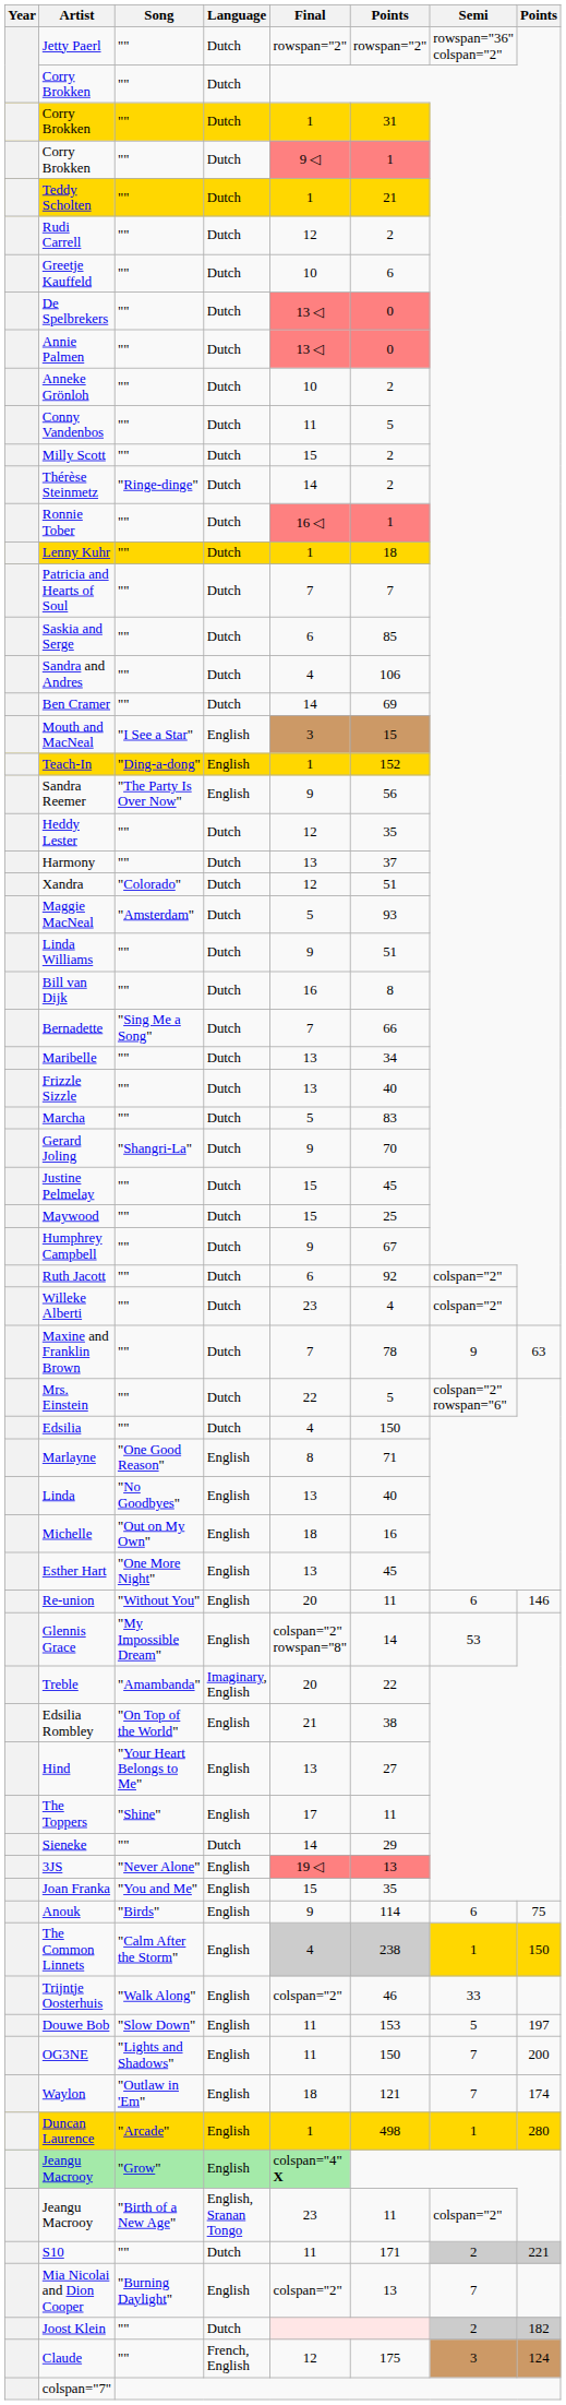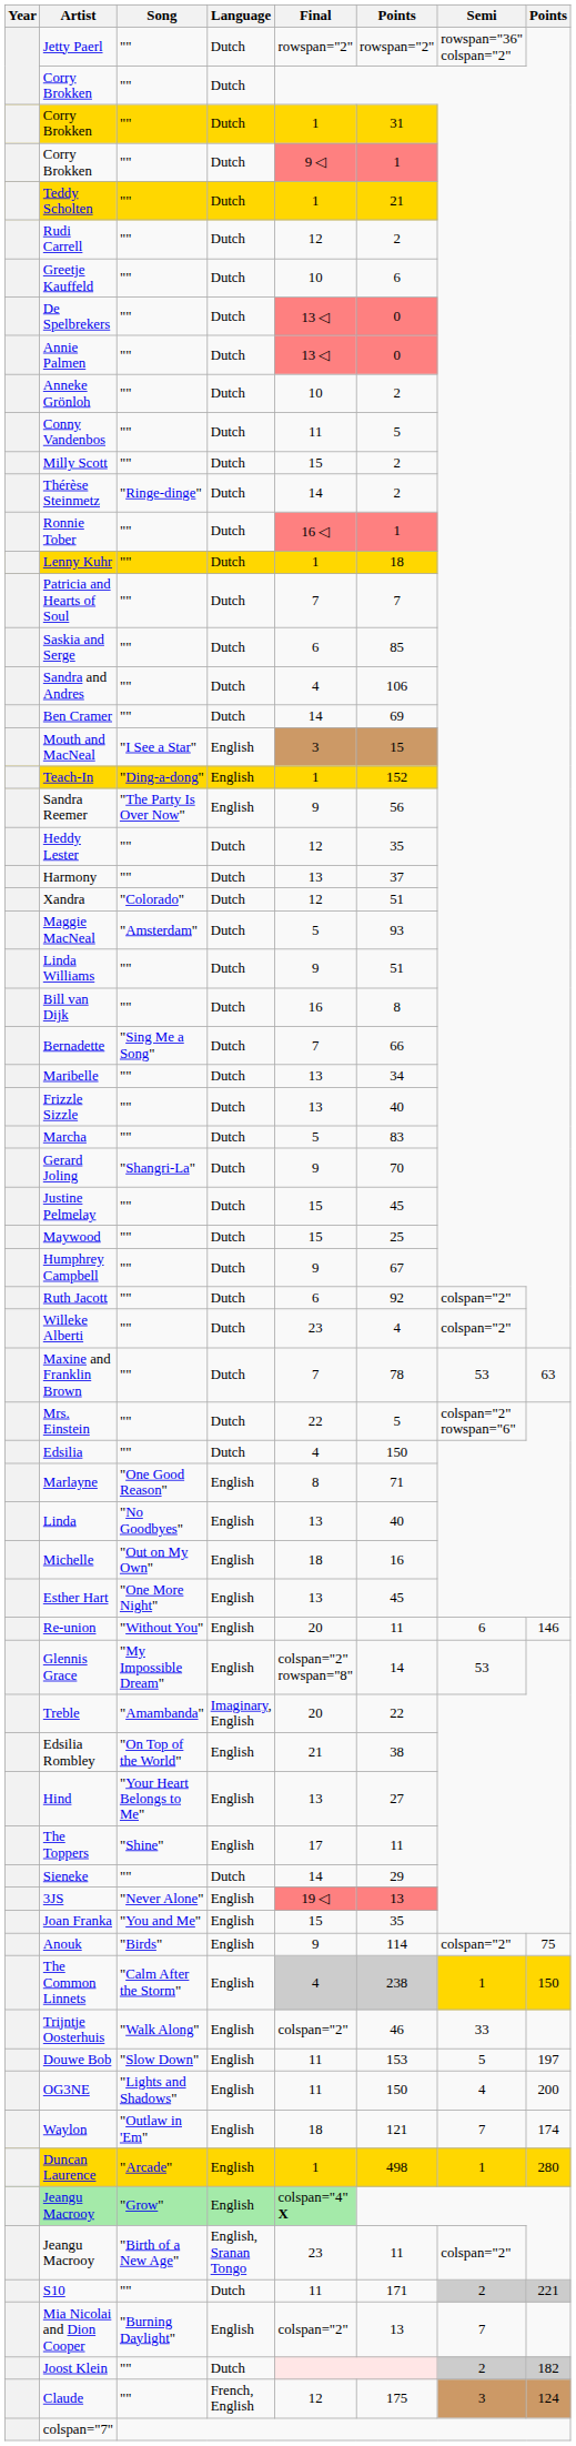 <table class="wikitable sortable plainrowheaders">
 <tr>
 <th scope="col">Year</th>
 <th scope="col">Artist</th>
 <th scope="col">Song</th>
 <th scope="col">Language</th>
 <th scope="col" data-sort-type="number">Final</th>
 <th scope="col" data-sort-type="number">Points</th>
 <th scope="col" data-sort-type="number">Semi</th>
 <th scope="col" data-sort-type="number">Points</th>
 </tr>
 <tr>
 <th scope="row" rowspan="2" style="text-align:center;"></th>
 <td><a href='#'>Jetty Paerl</a></td>
 <td>""</td>
 <td>Dutch</td>
 <td>rowspan="2" </td>
 <td>rowspan="2" </td>
 <td>rowspan="36" colspan="2" </td>
 </tr>
 <tr>
 <td><a href='#'>Corry Brokken</a></td>
 <td>""</td>
 <td>Dutch</td>
 </tr>
 <tr style="background-color:#FFD700;">
 <th scope="row" style="text-align:center;"></th>
 <td>Corry Brokken</td>
 <td>""</td>
 <td>Dutch</td>
 <td style="text-align:center;">1</td>
 <td style="text-align:center;">31</td>
 </tr>
 <tr>
 <th scope="row" style="text-align:center;"></th>
 <td>Corry Brokken</td>
 <td>""</td>
 <td>Dutch</td>
 <td style="text-align:center; background-color:#FE8080;">9 ◁</td>
 <td style="text-align:center; background-color:#FE8080;">1</td>
 </tr>
 <tr style="background-color:#FFD700;">
 <th scope="row" style="text-align:center;"></th>
 <td><a href='#'>Teddy Scholten</a></td>
 <td>""</td>
 <td>Dutch</td>
 <td style="text-align:center;">1</td>
 <td style="text-align:center;">21</td>
 </tr>
 <tr>
 <th scope="row" style="text-align:center;"></th>
 <td><a href='#'>Rudi Carrell</a></td>
 <td>""</td>
 <td>Dutch</td>
 <td style="text-align:center;">12</td>
 <td style="text-align:center;">2</td>
 </tr>
 <tr>
 <th scope="row" style="text-align:center;"></th>
 <td><a href='#'>Greetje Kauffeld</a></td>
 <td>""</td>
 <td>Dutch</td>
 <td style="text-align:center;">10</td>
 <td style="text-align:center;">6</td>
 </tr>
 <tr>
 <th scope="row" style="text-align:center;"></th>
 <td><a href='#'>De Spelbrekers</a></td>
 <td>""</td>
 <td>Dutch</td>
 <td style="text-align:center; background-color:#FE8080;">13 ◁</td>
 <td style="text-align:center; background-color:#FE8080;">0</td>
 </tr>
 <tr>
 <th scope="row" style="text-align:center;"></th>
 <td><a href='#'>Annie Palmen</a></td>
 <td>""</td>
 <td>Dutch</td>
 <td style="text-align:center; background-color:#FE8080;">13 ◁</td>
 <td style="text-align:center; background-color:#FE8080;">0</td>
 </tr>
 <tr>
 <th scope="row" style="text-align:center;"></th>
 <td><a href='#'>Anneke Grönloh</a></td>
 <td>""</td>
 <td>Dutch</td>
 <td style="text-align:center;">10</td>
 <td style="text-align:center;">2</td>
 </tr>
 <tr>
 <th scope="row" style="text-align:center;"></th>
 <td><a href='#'>Conny Vandenbos</a></td>
 <td>""</td>
 <td>Dutch</td>
 <td style="text-align:center;">11</td>
 <td style="text-align:center;">5</td>
 </tr>
 <tr>
 <th scope="row" style="text-align:center;"></th>
 <td><a href='#'>Milly Scott</a></td>
 <td>""</td>
 <td>Dutch</td>
 <td style="text-align:center;">15</td>
 <td style="text-align:center;">2</td>
 </tr>
 <tr>
 <th scope="row" style="text-align:center;"></th>
 <td><a href='#'>Thérèse Steinmetz</a></td>
 <td>"<a href='#'>Ringe-dinge</a>"</td>
 <td>Dutch</td>
 <td style="text-align:center;">14</td>
 <td style="text-align:center;">2</td>
 </tr>
 <tr>
 <th scope="row" style="text-align:center;"></th>
 <td><a href='#'>Ronnie Tober</a></td>
 <td>""</td>
 <td>Dutch</td>
 <td style="text-align:center; background-color:#FE8080;">16 ◁</td>
 <td style="text-align:center; background-color:#FE8080;">1</td>
 </tr>
 <tr style="background-color:#FFD700;">
 <th scope="row" style="text-align:center;"></th>
 <td><a href='#'>Lenny Kuhr</a></td>
 <td>""</td>
 <td>Dutch</td>
 <td style="text-align:center;">1</td>
 <td style="text-align:center;">18</td>
 </tr>
 <tr>
 <th scope="row" style="text-align:center;"></th>
 <td><a href='#'>Patricia and Hearts of Soul</a></td>
 <td>""</td>
 <td>Dutch</td>
 <td style="text-align:center;">7</td>
 <td style="text-align:center;">7</td>
 </tr>
 <tr>
 <th scope="row" style="text-align:center;"></th>
 <td><a href='#'>Saskia and Serge</a></td>
 <td>""</td>
 <td>Dutch</td>
 <td style="text-align:center;">6</td>
 <td style="text-align:center;">85</td>
 </tr>
 <tr>
 <th scope="row" style="text-align:center;"></th>
 <td><a href='#'>Sandra</a> and <a href='#'>Andres</a></td>
 <td>""</td>
 <td>Dutch</td>
 <td style="text-align:center;">4</td>
 <td style="text-align:center;">106</td>
 </tr>
 <tr>
 <th scope="row" style="text-align:center;"></th>
 <td><a href='#'>Ben Cramer</a></td>
 <td>""</td>
 <td>Dutch</td>
 <td style="text-align:center;">14</td>
 <td style="text-align:center;">69</td>
 </tr>
 <tr>
 <th scope="row" style="text-align:center;"></th>
 <td><a href='#'>Mouth and MacNeal</a></td>
 <td>"<a href='#'>I See a Star</a>"</td>
 <td>English</td>
 <td style="text-align:center; background-color:#C96;">3</td>
 <td style="text-align:center; background-color:#C96;">15</td>
 </tr>
 <tr style="background-color:#FFD700;">
 <th scope="row" style="text-align:center;"></th>
 <td><a href='#'>Teach-In</a></td>
 <td>"<a href='#'>Ding-a-dong</a>"</td>
 <td>English</td>
 <td style="text-align:center;">1</td>
 <td style="text-align:center;">152</td>
 </tr>
 <tr>
 <th scope="row" style="text-align:center;"></th>
 <td>Sandra Reemer</td>
 <td>"<a href='#'>The Party Is Over Now</a>"</td>
 <td>English</td>
 <td style="text-align:center;">9</td>
 <td style="text-align:center;">56</td>
 </tr>
 <tr>
 <th scope="row" style="text-align:center;"></th>
 <td><a href='#'>Heddy Lester</a></td>
 <td>""</td>
 <td>Dutch</td>
 <td style="text-align:center;">12</td>
 <td style="text-align:center;">35</td>
 </tr>
 <tr>
 <th scope="row" style="text-align:center;"></th>
 <td>Harmony</td>
 <td><span>"</span>"</td>
 <td>Dutch</td>
 <td style="text-align:center;">13</td>
 <td style="text-align:center;">37</td>
 </tr>
 <tr>
 <th scope="row" style="text-align:center;"></th>
 <td>Xandra</td>
 <td>"<a href='#'>Colorado</a>"</td>
 <td>Dutch</td>
 <td style="text-align:center;">12</td>
 <td style="text-align:center;">51</td>
 </tr>
 <tr>
 <th scope="row" style="text-align:center;"></th>
 <td><a href='#'>Maggie MacNeal</a></td>
 <td>"<a href='#'>Amsterdam</a>"</td>
 <td>Dutch</td>
 <td style="text-align:center;">5</td>
 <td style="text-align:center;">93</td>
 </tr>
 <tr>
 <th scope="row" style="text-align:center;"></th>
 <td><a href='#'>Linda Williams</a></td>
 <td>""</td>
 <td>Dutch</td>
 <td style="text-align:center;">9</td>
 <td style="text-align:center;">51</td>
 </tr>
 <tr>
 <th scope="row" style="text-align:center;"></th>
 <td><a href='#'>Bill van Dijk</a></td>
 <td>""</td>
 <td>Dutch</td>
 <td style="text-align:center;">16</td>
 <td style="text-align:center;">8</td>
 </tr>
 <tr>
 <th scope="row" style="text-align:center;"></th>
 <td><a href='#'>Bernadette</a></td>
 <td>"<a href='#'>Sing Me a Song</a>"</td>
 <td>Dutch</td>
 <td style="text-align:center;">7</td>
 <td style="text-align:center;">66</td>
 </tr>
 <tr>
 <th scope="row" style="text-align:center;"></th>
 <td><a href='#'>Maribelle</a></td>
 <td>""</td>
 <td>Dutch</td>
 <td style="text-align:center;">13</td>
 <td style="text-align:center;">34</td>
 </tr>
 <tr>
 <th scope="row" style="text-align:center;"></th>
 <td><a href='#'>Frizzle Sizzle</a></td>
 <td>""</td>
 <td>Dutch</td>
 <td style="text-align:center;">13</td>
 <td style="text-align:center;">40</td>
 </tr>
 <tr>
 <th scope="row" style="text-align:center;"></th>
 <td><a href='#'>Marcha</a></td>
 <td>""</td>
 <td>Dutch</td>
 <td style="text-align:center;">5</td>
 <td style="text-align:center;">83</td>
 </tr>
 <tr>
 <th scope="row" style="text-align:center;"></th>
 <td><a href='#'>Gerard Joling</a></td>
 <td>"<a href='#'>Shangri-La</a>"</td>
 <td>Dutch</td>
 <td style="text-align:center;">9</td>
 <td style="text-align:center;">70</td>
 </tr>
 <tr>
 <th scope="row" style="text-align:center;"></th>
 <td><a href='#'>Justine Pelmelay</a></td>
 <td>""</td>
 <td>Dutch</td>
 <td style="text-align:center;">15</td>
 <td style="text-align:center;">45</td>
 </tr>
 <tr>
 <th scope="row" style="text-align:center;"></th>
 <td><a href='#'>Maywood</a></td>
 <td>""</td>
 <td>Dutch</td>
 <td style="text-align:center;">15</td>
 <td style="text-align:center;">25</td>
 </tr>
 <tr>
 <th scope="row" style="text-align:center;"></th>
 <td><a href='#'>Humphrey Campbell</a></td>
 <td>""</td>
 <td>Dutch</td>
 <td style="text-align:center;">9</td>
 <td style="text-align:center;">67</td>
 </tr>
 <tr>
 <th scope="row" style="text-align:center;"></th>
 <td><a href='#'>Ruth Jacott</a></td>
 <td>""</td>
 <td>Dutch</td>
 <td style="text-align:center;">6</td>
 <td style="text-align:center;">92</td>
 <td>colspan="2" </td>
 </tr>
 <tr>
 <th scope="row" style="text-align:center;"></th>
 <td><a href='#'>Willeke Alberti</a></td>
 <td>""</td>
 <td>Dutch</td>
 <td style="text-align:center;">23</td>
 <td style="text-align:center;">4</td>
 <td>colspan="2" </td>
 </tr>
 <tr>
 <th scope="row" style="text-align:center;"></th>
 <td><a href='#'>Maxine</a> and <a href='#'>Franklin Brown</a></td>
 <td>""</td>
 <td>Dutch</td>
 <td style="text-align:center;">7</td>
 <td style="text-align:center;">78</td>
-<td style="text-align:center;">9</td>
+<td style="text-align:center;">53</td>
 <td style="text-align:center;">63</td>
 </tr>
 <tr>
 <th scope="row" style="text-align:center;"></th>
 <td><a href='#'>Mrs. Einstein</a></td>
 <td>""</td>
 <td>Dutch</td>
 <td style="text-align:center;">22</td>
 <td style="text-align:center;">5</td>
 <td>colspan="2" rowspan="6" </td>
 </tr>
 <tr>
 <th scope="row" style="text-align:center;"></th>
 <td><a href='#'>Edsilia</a></td>
 <td>""</td>
 <td>Dutch</td>
 <td style="text-align:center;">4</td>
 <td style="text-align:center;">150</td>
 </tr>
 <tr>
 <th scope="row" style="text-align:center;"></th>
 <td><a href='#'>Marlayne</a></td>
 <td>"<a href='#'>One Good Reason</a>"</td>
 <td>English</td>
 <td style="text-align:center;">8</td>
 <td style="text-align:center;">71</td>
 </tr>
 <tr>
 <th scope="row" style="text-align:center;"></th>
 <td><a href='#'>Linda</a></td>
 <td>"<a href='#'>No Goodbyes</a>"</td>
 <td>English</td>
 <td style="text-align:center;">13</td>
 <td style="text-align:center;">40</td>
 </tr>
 <tr>
 <th scope="row" style="text-align:center;"></th>
 <td><a href='#'>Michelle</a></td>
 <td>"<a href='#'>Out on My Own</a>"</td>
 <td>English</td>
 <td style="text-align:center;">18</td>
 <td style="text-align:center;">16</td>
 </tr>
 <tr>
 <th scope="row" style="text-align:center;"></th>
 <td><a href='#'>Esther Hart</a></td>
 <td>"<a href='#'>One More Night</a>"</td>
 <td>English</td>
 <td style="text-align:center;">13</td>
 <td style="text-align:center;">45</td>
 </tr>
 <tr>
 <th scope="row" style="text-align:center;"></th>
 <td><a href='#'>Re-union</a></td>
 <td>"<a href='#'>Without You</a>"</td>
 <td>English</td>
 <td style="text-align:center;">20</td>
 <td style="text-align:center;">11</td>
 <td style="text-align:center;">6</td>
 <td style="text-align:center;">146</td>
 </tr>
 <tr>
 <th scope="row" style="text-align:center;"></th>
 <td><a href='#'>Glennis Grace</a></td>
 <td>"<a href='#'>My Impossible Dream</a>"</td>
 <td>English</td>
 <td>colspan="2" rowspan="8" </td>
 <td style="text-align:center;">14</td>
 <td style="text-align:center;">53</td>
 </tr>
 <tr>
 <th scope="row" style="text-align:center;"></th>
 <td><a href='#'>Treble</a></td>
 <td>"<a href='#'>Amambanda</a>"</td>
 <td><a href='#'>Imaginary</a>, English</td>
 <td style="text-align:center;">20</td>
 <td style="text-align:center;">22</td>
 </tr>
 <tr>
 <th scope="row" style="text-align:center;"></th>
 <td>Edsilia Rombley</td>
 <td>"<a href='#'>On Top of the World</a>"</td>
 <td>English</td>
 <td style="text-align:center;">21</td>
 <td style="text-align:center;">38</td>
 </tr>
 <tr>
 <th scope="row" style="text-align:center;"></th>
 <td><a href='#'>Hind</a></td>
 <td>"<a href='#'>Your Heart Belongs to Me</a>"</td>
 <td>English</td>
 <td style="text-align:center;">13</td>
 <td style="text-align:center;">27</td>
 </tr>
 <tr>
 <th scope="row" style="text-align:center;"></th>
 <td><a href='#'>The Toppers</a></td>
 <td>"<a href='#'>Shine</a>"</td>
 <td>English</td>
 <td style="text-align:center;">17</td>
 <td style="text-align:center;">11</td>
 </tr>
 <tr>
 <th scope="row" style="text-align:center;"></th>
 <td><a href='#'>Sieneke</a></td>
 <td>""</td>
 <td>Dutch</td>
 <td style="text-align:center;">14</td>
 <td style="text-align:center;">29</td>
 </tr>
 <tr>
 <th scope="row" style="text-align:center;"></th>
 <td><a href='#'>3JS</a></td>
 <td>"<a href='#'>Never Alone</a>"</td>
 <td>English</td>
 <td style="text-align:center; background-color:#FE8080;">19 ◁</td>
 <td style="text-align:center; background-color:#FE8080;">13</td>
 </tr>
 <tr>
 <th scope="row" style="text-align:center;"></th>
 <td><a href='#'>Joan Franka</a></td>
 <td>"<a href='#'>You and Me</a>"</td>
 <td>English</td>
 <td style="text-align:center;">15</td>
 <td style="text-align:center;">35</td>
 </tr>
 <tr>
 <th scope="row" style="text-align:center;"></th>
 <td><a href='#'>Anouk</a></td>
 <td>"<a href='#'>Birds</a>"</td>
 <td>English</td>
 <td style="text-align:center;">9</td>
 <td style="text-align:center;">114</td>
-<td style="text-align:center;">6</td>
+<td>colspan="2" </td>
 <td style="text-align:center;">75</td>
 </tr>
 <tr>
 <th scope="row" style="text-align:center;"></th>
 <td><a href='#'>The Common Linnets</a></td>
 <td>"<a href='#'>Calm After the Storm</a>"</td>
 <td>English</td>
 <td style="text-align:center; background-color:#CCC;">4</td>
 <td style="text-align:center; background-color:#CCC;">238</td>
 <td style="text-align:center; background-color:#FFD700;">1</td>
 <td style="text-align:center; background-color:#FFD700;">150</td>
 </tr>
 <tr>
 <th scope="row" style="text-align:center;"></th>
 <td><a href='#'>Trijntje Oosterhuis</a></td>
 <td>"<a href='#'>Walk Along</a>"</td>
 <td>English</td>
 <td>colspan="2" </td>
 <td style="text-align:center;">46</td>
 <td style="text-align:center;">33</td>
 </tr>
 <tr>
 <th scope="row" style="text-align:center;"></th>
 <td><a href='#'>Douwe Bob</a></td>
 <td>"<a href='#'>Slow Down</a>"</td>
 <td>English</td>
 <td style="text-align:center;">11</td>
 <td style="text-align:center;">153</td>
 <td style="text-align:center;">5</td>
 <td style="text-align:center;">197</td>
 </tr>
 <tr>
 <th scope="row" style="text-align:center;"></th>
 <td><a href='#'>OG3NE</a></td>
 <td>"<a href='#'>Lights and Shadows</a>"</td>
 <td>English</td>
 <td style="text-align:center;">11</td>
 <td style="text-align:center;">150</td>
-<td style="text-align:center;">7</td>
+<td style="text-align:center;">4</td>
 <td style="text-align:center;">200</td>
 </tr>
 <tr>
 <th scope="row" style="text-align:center;"></th>
 <td><a href='#'>Waylon</a></td>
 <td>"<a href='#'>Outlaw in 'Em</a>"</td>
 <td>English</td>
 <td style="text-align:center;">18</td>
 <td style="text-align:center;">121</td>
 <td style="text-align:center;">7</td>
 <td style="text-align:center;">174</td>
 </tr>
 <tr style="background-color:#FFD700;">
 <th scope="row" style="text-align:center;"></th>
 <td><a href='#'>Duncan Laurence</a></td>
 <td>"<a href='#'>Arcade</a>"</td>
 <td>English</td>
 <td style="text-align:center;">1</td>
 <td style="text-align:center;">498</td>
 <td style="text-align:center;">1</td>
 <td style="text-align:center;">280</td>
 </tr>
 <tr style="background-color:#A4EAA9;">
 <th scope="row" style="text-align:center;"></th>
 <td><a href='#'>Jeangu Macrooy</a></td>
 <td>"<a href='#'>Grow</a>"</td>
 <td>English</td>
 <td>colspan="4"  <strong>X</strong></td>
 </tr>
 <tr>
 <th scope="row" style="text-align:center;"></th>
 <td>Jeangu Macrooy</td>
 <td>"<a href='#'>Birth of a New Age</a>"</td>
 <td>English, <a href='#'>Sranan Tongo</a></td>
 <td style="text-align:center;">23</td>
 <td style="text-align:center;">11</td>
 <td>colspan="2" </td>
 </tr>
 <tr>
 <th scope="row" style="text-align:center;"></th>
 <td><a href='#'>S10</a></td>
 <td>""</td>
 <td>Dutch</td>
 <td style="text-align:center;">11</td>
 <td style="text-align:center;">171</td>
 <td style="text-align:center; background-color:#CCC;">2</td>
 <td style="text-align:center; background-color:#CCC;">221</td>
 </tr>
 <tr>
 <th scope="row" style="text-align:center;"></th>
 <td><a href='#'>Mia Nicolai</a> and <a href='#'>Dion Cooper</a></td>
 <td>"<a href='#'>Burning Daylight</a>"</td>
 <td>English</td>
 <td>colspan="2" </td>
 <td style="text-align:center;">13</td>
 <td style="text-align:center;">7</td>
 </tr>
 <tr>
 <th scope="row" style="text-align:center;"></th>
 <td><a href='#'>Joost Klein</a></td>
 <td>""</td>
 <td>Dutch</td>
 <td colspan="2" style="background-color:#FFE6E6;"></td>
 <td style="text-align:center; background-color:#CCC;">2</td>
 <td style="text-align:center; background-color:#CCC;">182</td>
 </tr>
 <tr>
 <th scope="row" style="text-align:center;"></th>
 <td><a href='#'>Claude</a></td>
 <td>""</td>
 <td>French, English</td>
 <td style="text-align:center;">12</td>
 <td style="text-align:center;">175</td>
 <td style="text-align:center; background-color:#C96;">3</td>
 <td style="text-align:center; background-color:#C96;">124</td>
 </tr>
 <tr>
 <th scope="row" style="text-align:center;"></th>
 <td>colspan="7" </td>
 </tr>
 </table>
